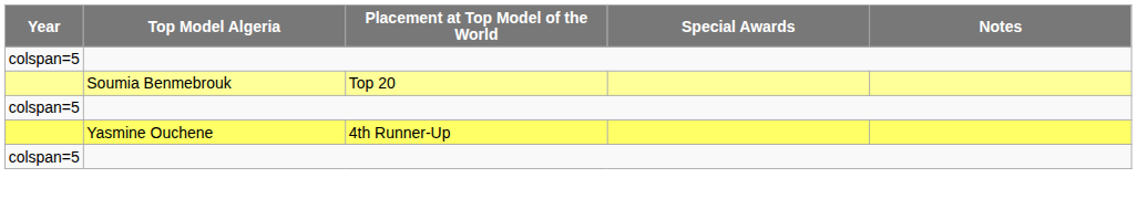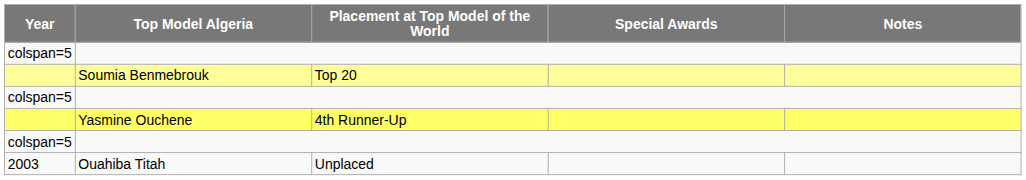 <table class="wikitable " style="font-size: 95%;">
 <tr>
 <th width="60" style="background-color:#787878;color:#FFFFFF;">Year</th>
 <th width="250" style="background-color:#787878;color:#FFFFFF;">Top Model Algeria</th>
 <th width="250" style="background-color:#787878;color:#FFFFFF;">Placement at Top Model of the World</th>
 <th width="250" style="background-color:#787878;color:#FFFFFF;">Special Awards</th>
 <th width="250" style="background-color:#787878;color:#FFFFFF;">Notes</th>
 </tr>
 <tr>
 <td>colspan=5 </td>
 </tr>
 <tr style="background-color:#FFFF99;">
 <td></td>
 <td>Soumia Benmebrouk</td>
 <td>Top 20</td>
 <td></td>
 <td></td>
 </tr>
 <tr>
 <td>colspan=5 </td>
 </tr>
 <tr style="background-color:#FFFF66;">
 <td></td>
 <td>Yasmine Ouchene</td>
 <td>4th Runner-Up</td>
 <td></td>
 <td></td>
 </tr>
 <tr>
 <td>colspan=5 </td>
 </tr>
+<tr>
+<td>2003</td>
+<td>Ouahiba Titah</td>
+<td>Unplaced</td>
+<td></td>
+<td></td>
+</tr>
 </table>
